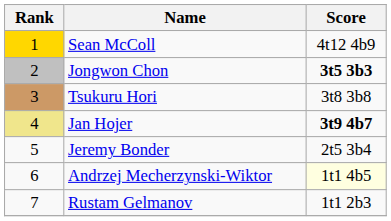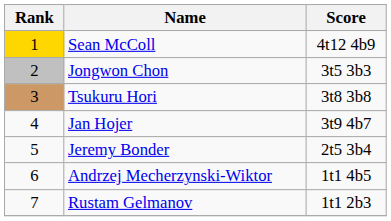 <table class="wikitable">
 <tr>
 <th width = "50">Rank</th>
 <th width = "225">Name</th>
 <th width = "70">Score</th>
 </tr>
 <tr>
 <td align="center" style="background: gold">1</td>
 <td> <a href='#'>Sean McColl</a></td>
 <td align="center">4t12 4b9</td>
 </tr>
 <tr>
 <td align="center" style="background: silver">2</td>
 <td> <a href='#'>Jongwon Chon</a></td>
-<td align="center"><strong>3t5 3b3</strong></td>
+<td align="center">3t5 3b3</td>
 </tr>
 <tr>
 <td align="center" style="background: #cc9966">3</td>
 <td> <a href='#'>Tsukuru Hori</a></td>
 <td align="center">3t8 3b8</td>
 </tr>
 <tr>
-<td align="center" style="background: khaki;">4</td>
+<td align="center">4</td>
 <td> <a href='#'>Jan Hojer</a></td>
-<td align="center"><strong>3t9 4b7</strong></td>
+<td align="center">3t9 4b7</td>
 </tr>
 <tr>
 <td align="center">5</td>
 <td> <a href='#'>Jeremy Bonder</a></td>
 <td align="center">2t5 3b4</td>
 </tr>
 <tr>
 <td align="center">6</td>
 <td> <a href='#'>Andrzej Mecherzynski-Wiktor</a></td>
-<td align="center" style="background: lightyellow;">1t1 4b5</td>
+<td align="center">1t1 4b5</td>
 </tr>
 <tr>
 <td align="center">7</td>
 <td> <a href='#'>Rustam Gelmanov</a></td>
 <td align="center">1t1 2b3</td>
 </tr>
 <tr>
 </tr>
 </table>
